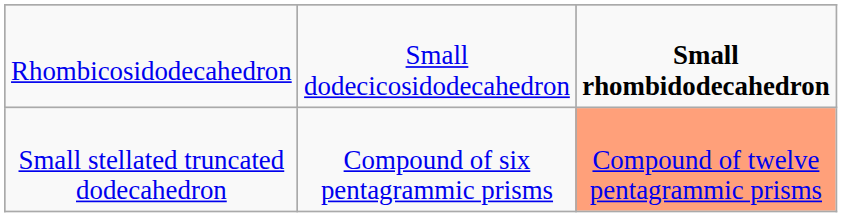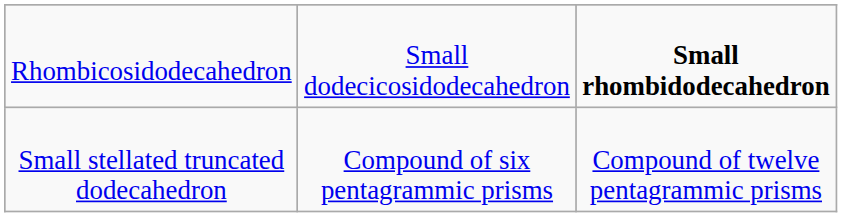 <table class="wikitable" width="400" style="vertical-align:top;text-align:center">
 <tr>
 <td><br><a href='#'>Rhombicosidodecahedron</a></td>
 <td><br><a href='#'>Small dodecicosidodecahedron</a></td>
 <td><br><strong>Small rhombidodecahedron</strong></td>
 </tr>
 <tr>
 <td><br><a href='#'>Small stellated truncated dodecahedron</a></td>
 <td><br><a href='#'>Compound of six pentagrammic prisms</a></td>
-<td style="background: lightsalmon;"><br><a href='#'>Compound of twelve pentagrammic prisms</a></td>
+<td><br><a href='#'>Compound of twelve pentagrammic prisms</a></td>
 </tr>
 </table>
